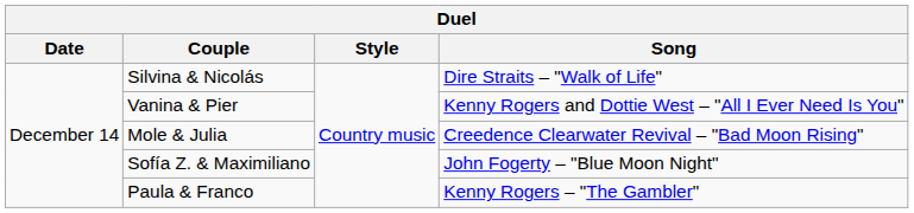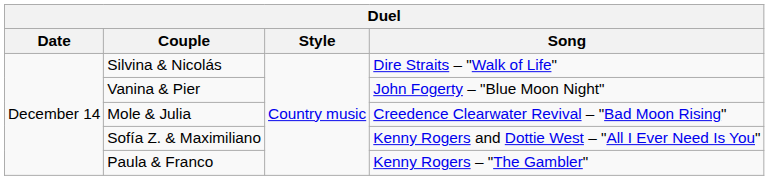 <table class="wikitable collapsible collapsed">
 <tr>
 <th colspan="10" align=center><strong>Duel</strong></th>
 </tr>
 <tr>
 <th>Date</th>
 <th>Couple</th>
 <th>Style</th>
 <th>Song</th>
 </tr>
 <tr>
 <td rowspan="5" style="text-align:center;">December 14</td>
 <td>Silvina & Nicolás</td>
 <td rowspan="5" style="text-align:center;"><a href='#'>Country music</a></td>
 <td><a href='#'>Dire Straits</a> – "<a href='#'>Walk of Life</a>"</td>
 </tr>
 <tr>
 <td>Vanina & Pier</td>
-<td><a href='#'>Kenny Rogers</a> and <a href='#'>Dottie West</a> – "<a href='#'>All I Ever Need Is You</a>"</td>
+<td><a href='#'>John Fogerty</a> – "Blue Moon Night"</td>
 </tr>
 <tr>
 <td>Mole & Julia</td>
 <td><a href='#'>Creedence Clearwater Revival</a> – "<a href='#'>Bad Moon Rising</a>"</td>
 </tr>
 <tr>
 <td>Sofía Z. & Maximiliano</td>
-<td><a href='#'>John Fogerty</a> – "Blue Moon Night"</td>
+<td><a href='#'>Kenny Rogers</a> and <a href='#'>Dottie West</a> – "<a href='#'>All I Ever Need Is You</a>"</td>
 </tr>
 <tr>
 <td>Paula & Franco</td>
 <td><a href='#'>Kenny Rogers</a> – "<a href='#'>The Gambler</a>"</td>
 </tr>
 </table>
